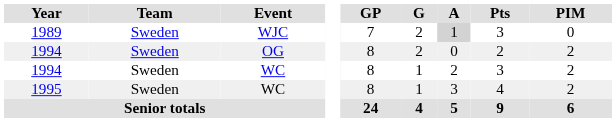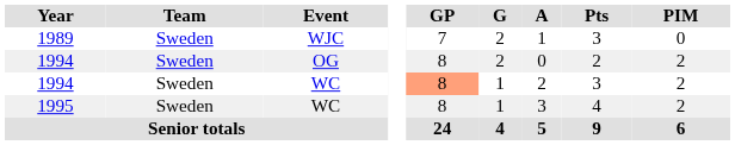 <table border="0" cellpadding="1" cellspacing="0" style="text-align:center; width:40em">
 <tr ALIGN="center" bgcolor="#e0e0e0">
 <th>Year</th>
 <th>Team</th>
 <th>Event</th>
 <th rowspan="99" bgcolor="#ffffff"> </th>
 <th>GP</th>
 <th>G</th>
 <th>A</th>
 <th>Pts</th>
 <th>PIM</th>
 </tr>
 <tr>
 <td><a href='#'>1989</a></td>
 <td><a href='#'>Sweden</a></td>
 <td><a href='#'>WJC</a></td>
 <td>7</td>
 <td>2</td>
-<td style="background: lightgrey;">1</td>
+<td>1</td>
 <td>3</td>
 <td>0</td>
 </tr>
 <tr bgcolor="#f0f0f0">
 <td><a href='#'>1994</a></td>
 <td><a href='#'>Sweden</a></td>
 <td><a href='#'>OG</a></td>
 <td>8</td>
 <td>2</td>
 <td>0</td>
 <td>2</td>
 <td>2</td>
 </tr>
 <tr>
 <td><a href='#'>1994</a></td>
 <td>Sweden</td>
 <td><a href='#'>WC</a></td>
-<td>8</td>
+<td style="background: lightsalmon;">8</td>
 <td>1</td>
 <td>2</td>
 <td>3</td>
 <td>2</td>
 </tr>
 <tr bgcolor="#f0f0f0">
 <td><a href='#'>1995</a></td>
 <td>Sweden</td>
 <td>WC</td>
 <td>8</td>
 <td>1</td>
 <td>3</td>
 <td>4</td>
 <td>2</td>
 </tr>
 <tr bgcolor="#e0e0e0">
 <th colspan=3>Senior totals</th>
 <th>24</th>
 <th>4</th>
 <th>5</th>
 <th>9</th>
 <th>6</th>
 </tr>
 </table>
